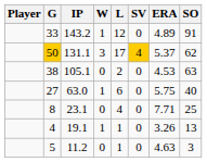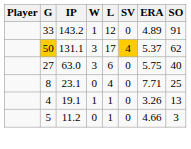 <table class="wikitable sortable">
 <tr>
 <th>Player</th>
 <th>G</th>
 <th>IP</th>
 <th>W</th>
 <th>L</th>
 <th>SV</th>
 <th>ERA</th>
 <th>SO</th>
 </tr>
 <tr align="center">
 <td></td>
 <td>33</td>
 <td>143.2</td>
 <td>1</td>
 <td>12</td>
 <td>0</td>
 <td>4.89</td>
 <td>91</td>
 </tr>
 <tr align="center">
 <td></td>
 <td bgcolor="#FFCC00">50</td>
 <td>131.1</td>
 <td>3</td>
 <td>17</td>
 <td bgcolor="#FFCC00">4</td>
 <td>5.37</td>
 <td>62</td>
 </tr>
 <tr align="center">
 <td></td>
-<td>38</td>
-<td>105.1</td>
-<td>0</td>
-<td>2</td>
-<td>0</td>
-<td>4.53</td>
-<td>63</td>
-</tr>
-<tr align="center">
-<td></td>
 <td>27</td>
 <td>63.0</td>
-<td>1</td>
+<td>3</td>
 <td>6</td>
 <td>0</td>
 <td>5.75</td>
 <td>40</td>
 </tr>
 <tr align="center">
 <td></td>
 <td>8</td>
 <td>23.1</td>
 <td>0</td>
 <td>4</td>
 <td>0</td>
 <td>7.71</td>
 <td>25</td>
 </tr>
 <tr align="center">
 <td></td>
 <td>4</td>
 <td>19.1</td>
 <td>1</td>
 <td>1</td>
 <td>0</td>
 <td>3.26</td>
 <td>13</td>
 </tr>
 <tr align="center">
 <td></td>
 <td>5</td>
 <td>11.2</td>
 <td>0</td>
 <td>1</td>
 <td>0</td>
-<td>4.63</td>
+<td>4.66</td>
 <td>3</td>
 </tr>
 </table>
